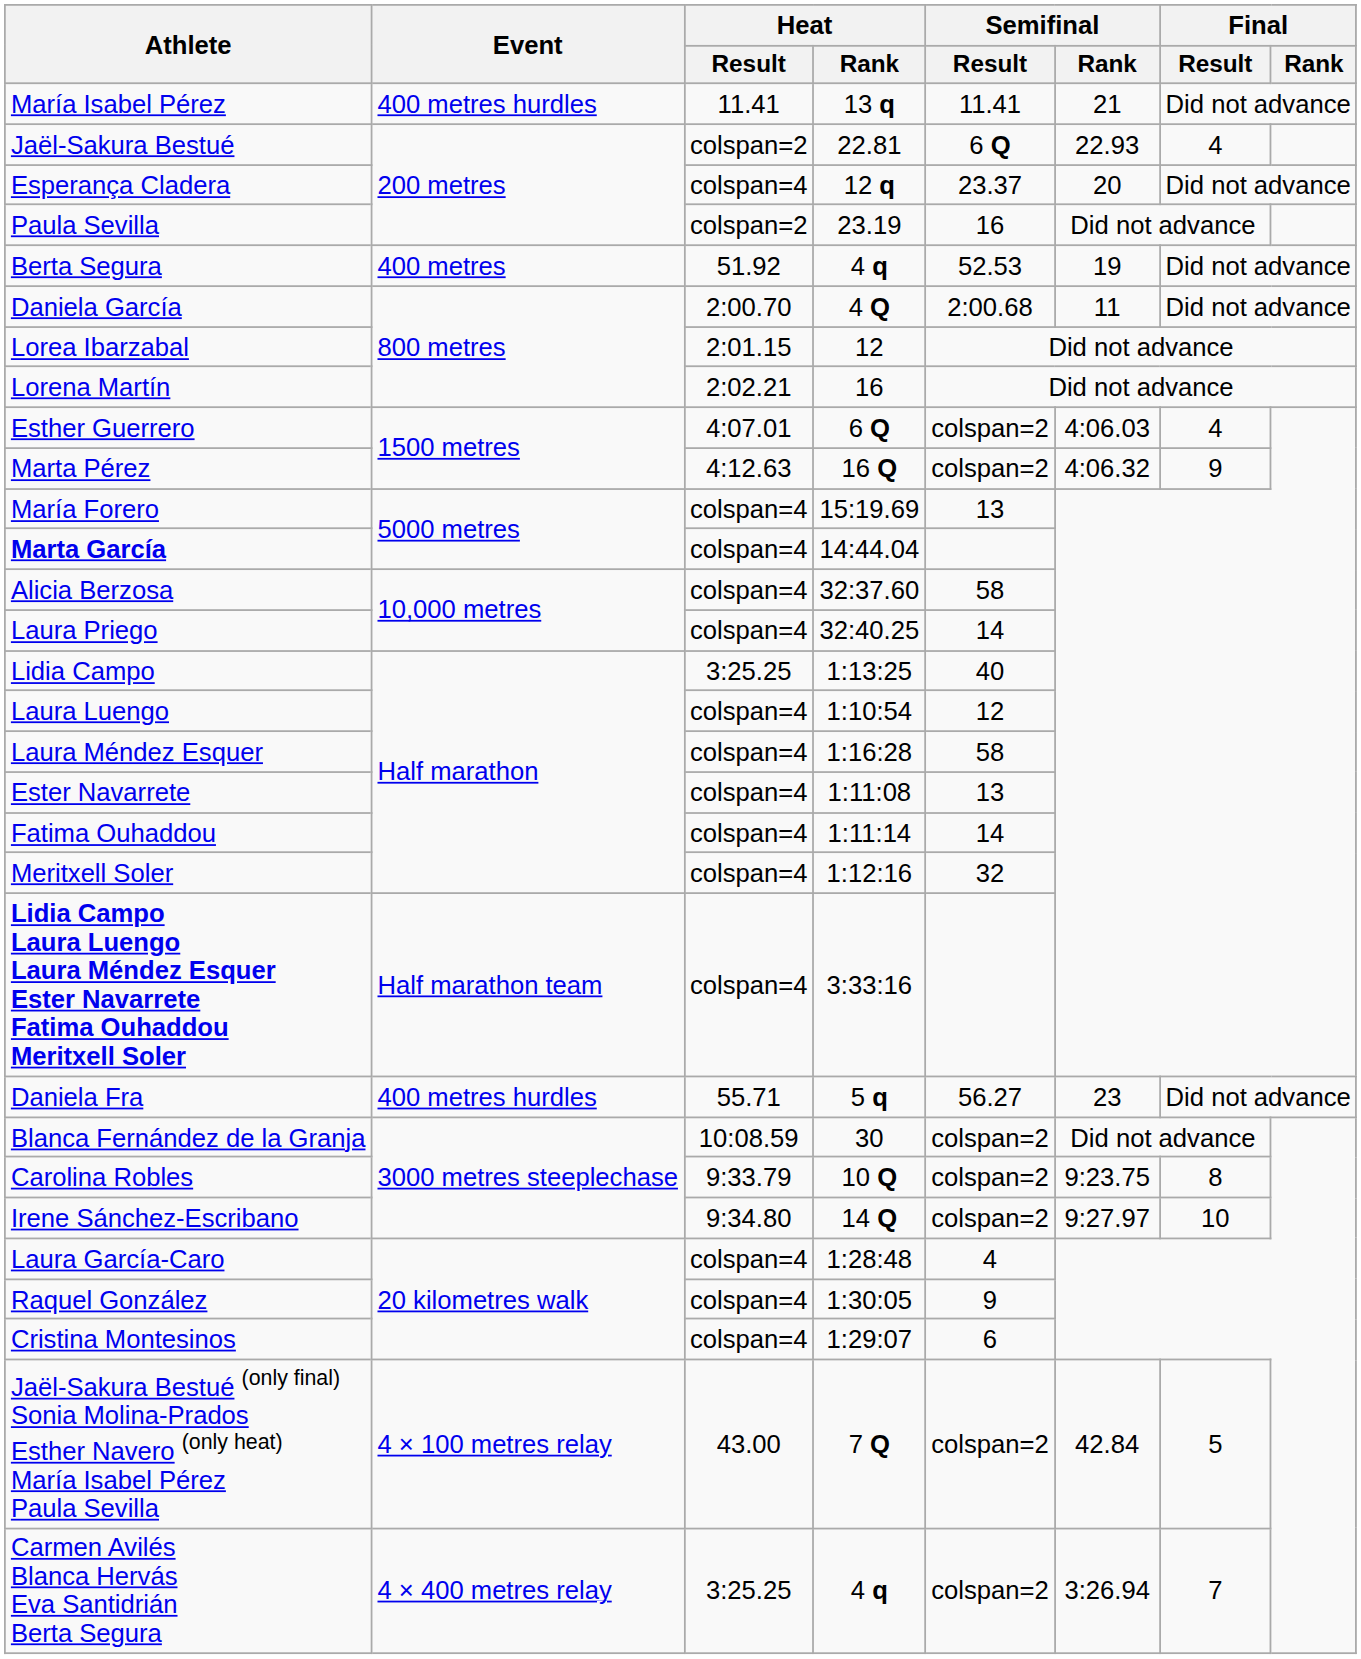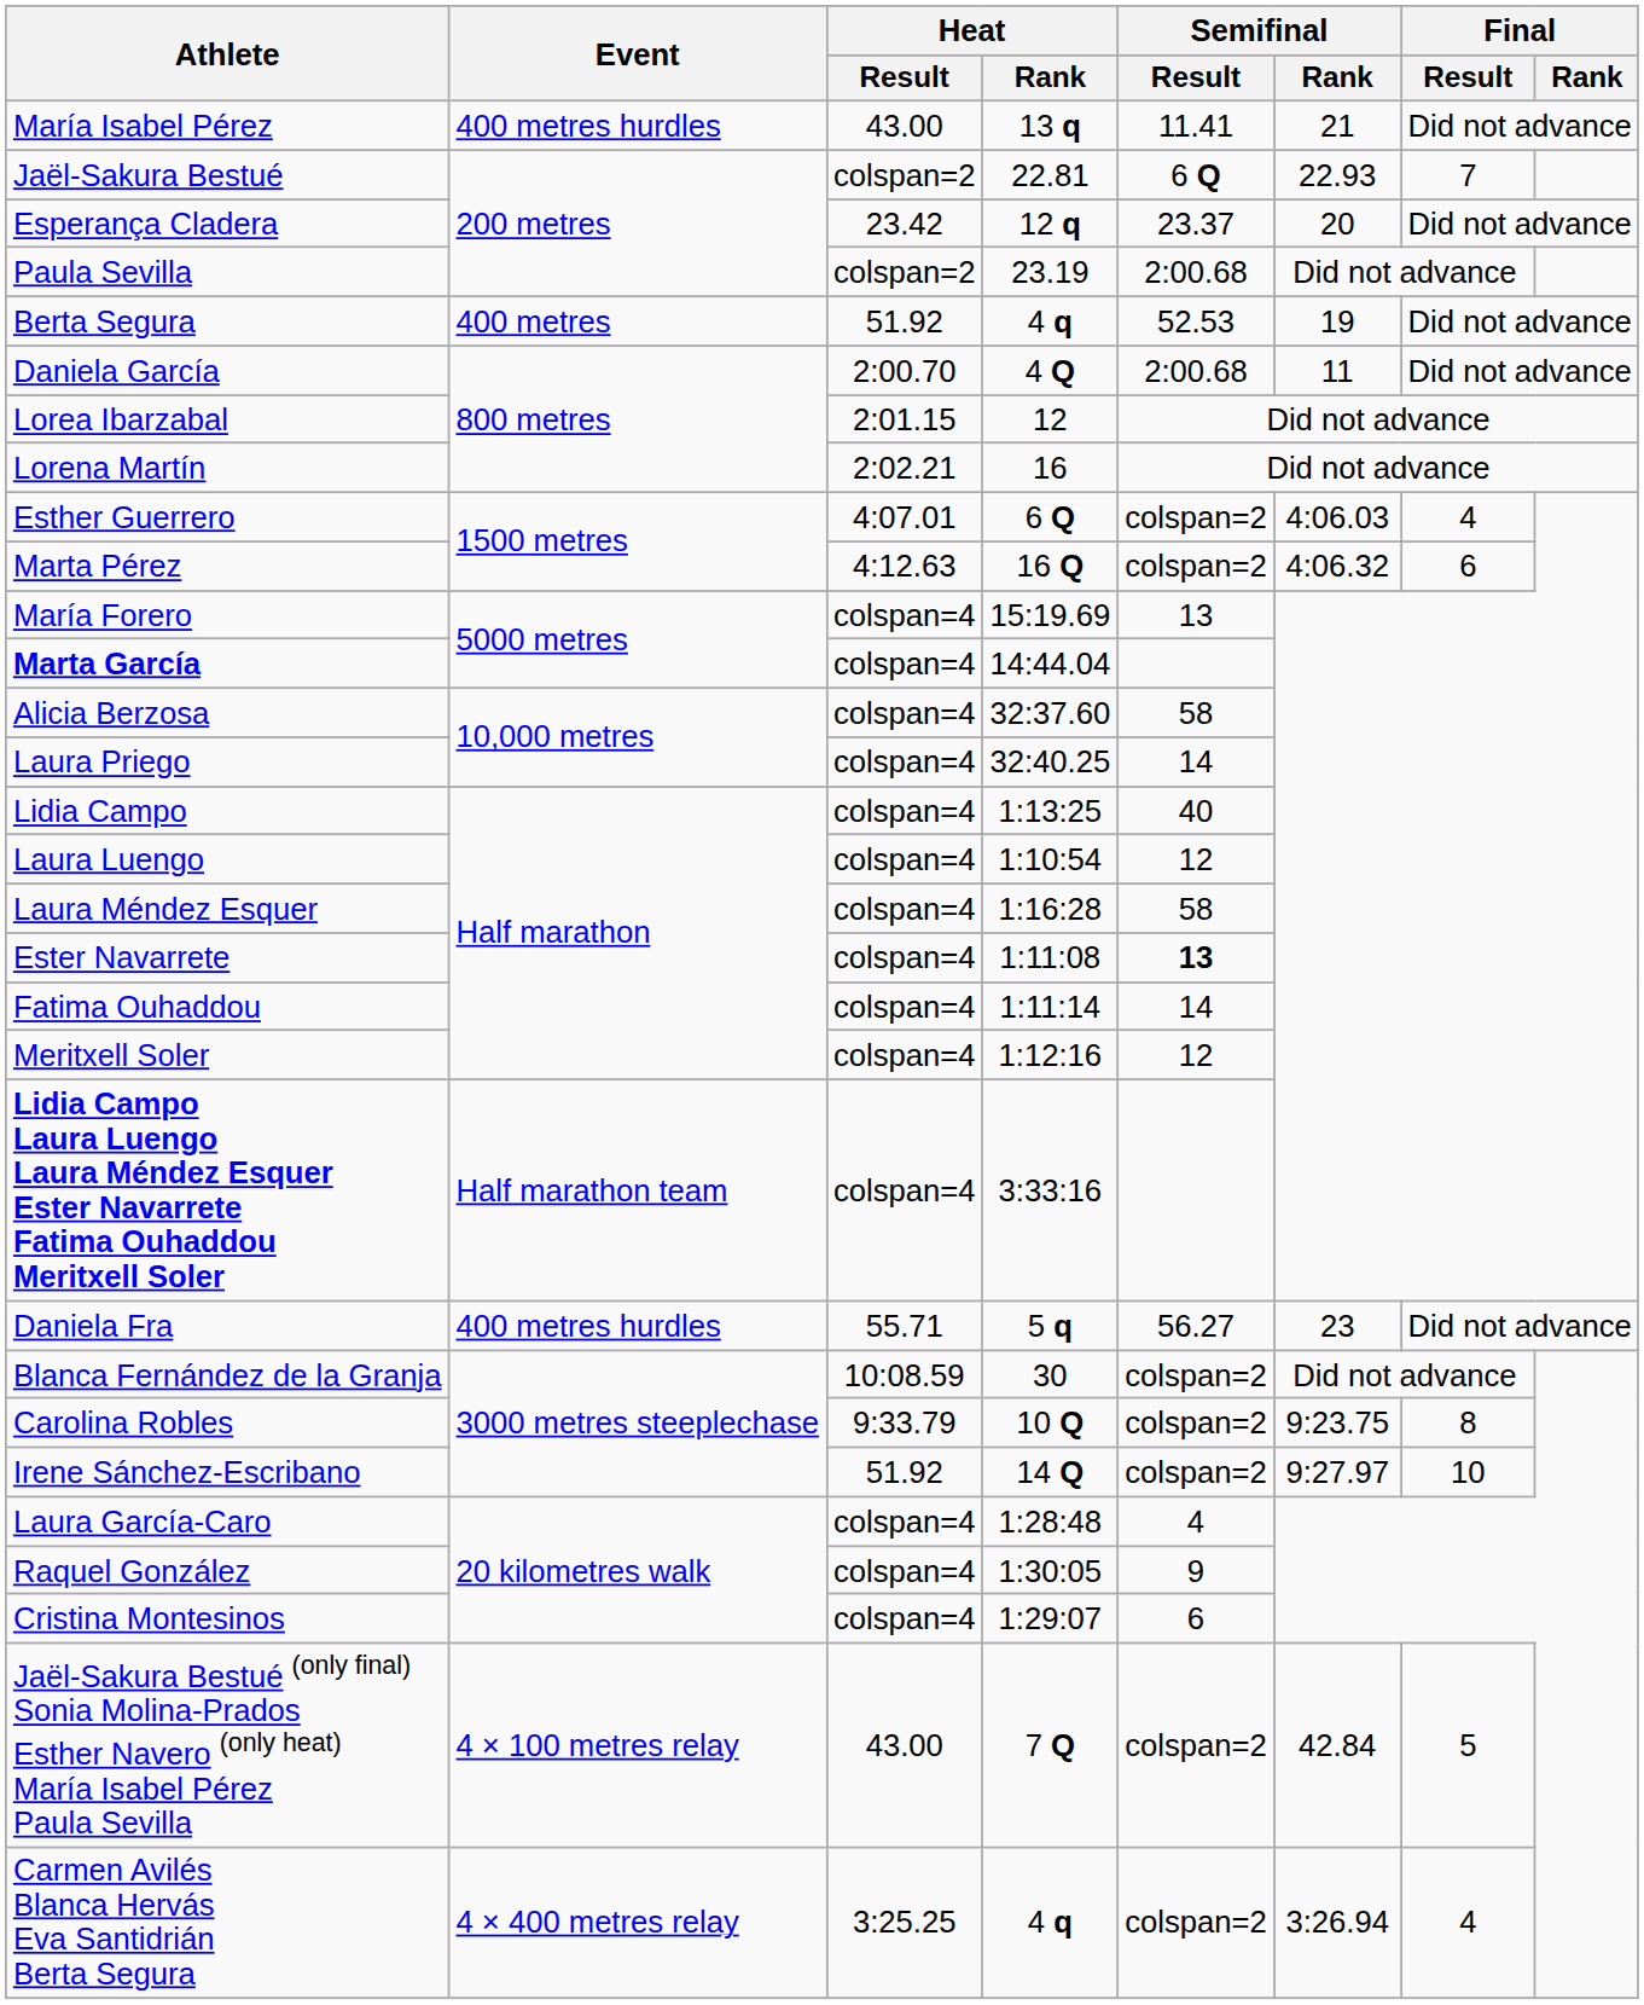 <table class=wikitable style=font-size:90%>
 <tr>
 <th rowspan=2>Athlete</th>
 <th rowspan=2>Event</th>
 <th colspan=2>Heat</th>
 <th colspan=2>Semifinal</th>
 <th colspan=2>Final</th>
 </tr>
 <tr style=font-size:95%>
 <th>Result</th>
 <th>Rank</th>
 <th>Result</th>
 <th>Rank</th>
 <th>Result</th>
 <th>Rank</th>
 </tr>
 <tr align=center>
 <td align=left><a href='#'>María Isabel Pérez</a></td>
 <td align=left><a href='#'>400 metres hurdles</a></td>
-<td>11.41</td>
+<td>43.00</td>
 <td>13 <strong>q</strong></td>
 <td>11.41</td>
 <td>21</td>
 <td colspan=2>Did not advance</td>
 </tr>
 <tr align=center>
 <td align=left><a href='#'>Jaël-Sakura Bestué</a></td>
 <td align=left rowspan=3><a href='#'>200 metres</a></td>
 <td>colspan=2 </td>
 <td>22.81 </td>
 <td>6 <strong>Q</strong></td>
 <td>22.93</td>
-<td>4</td>
+<td>7</td>
 </tr>
 <tr align=center>
 <td align=left><a href='#'>Esperança Cladera</a></td>
-<td>colspan=4</td>
+<td>23.42</td>
 <td>12 <strong>q</strong></td>
 <td>23.37</td>
 <td>20</td>
 <td colspan=2>Did not advance</td>
 </tr>
 <tr align=center>
 <td align=left><a href='#'>Paula Sevilla</a></td>
 <td>colspan=2 </td>
 <td>23.19</td>
-<td>16</td>
+<td>2:00.68</td>
 <td colspan=2>Did not advance</td>
 </tr>
 <tr align=center>
 <td align=left><a href='#'>Berta Segura</a></td>
 <td align=left><a href='#'>400 metres</a></td>
 <td>51.92 </td>
 <td>4 <strong>q</strong></td>
 <td>52.53</td>
 <td>19</td>
 <td colspan=2>Did not advance</td>
 </tr>
 <tr align=center>
 <td align=left><a href='#'>Daniela García</a></td>
 <td align=left rowspan=3><a href='#'>800 metres</a></td>
 <td>2:00.70</td>
 <td>4 <strong>Q</strong></td>
 <td>2:00.68</td>
 <td>11</td>
 <td colspan=2>Did not advance</td>
 </tr>
 <tr align=center>
 <td align=left><a href='#'>Lorea Ibarzabal</a></td>
 <td>2:01.15</td>
 <td>12</td>
 <td colspan=4>Did not advance</td>
 </tr>
 <tr align=center>
 <td align=left><a href='#'>Lorena Martín</a></td>
 <td>2:02.21</td>
 <td>16</td>
 <td colspan=4>Did not advance</td>
 </tr>
 <tr align=center>
 <td align=left><a href='#'>Esther Guerrero</a></td>
 <td align=left rowspan=2><a href='#'>1500 metres</a></td>
 <td>4:07.01</td>
 <td>6 <strong>Q</strong></td>
 <td>colspan=2</td>
 <td>4:06.03</td>
 <td>4</td>
 </tr>
 <tr align=center>
 <td align=left><a href='#'>Marta Pérez</a></td>
 <td>4:12.63</td>
 <td>16 <strong>Q</strong></td>
 <td>colspan=2</td>
 <td>4:06.32</td>
-<td>9</td>
+<td>6</td>
 </tr>
 <tr align=center>
 <td align=left><a href='#'>María Forero</a></td>
 <td align=left rowspan=2><a href='#'>5000 metres</a></td>
 <td>colspan=4</td>
 <td>15:19.69 </td>
 <td>13</td>
 </tr>
 <tr align=center>
 <td align=left><strong><a href='#'>Marta García</a></strong></td>
 <td>colspan=4</td>
 <td>14:44.04 </td>
 <td></td>
 </tr>
 <tr align=center>
 <td align=left><a href='#'>Alicia Berzosa</a></td>
 <td align=left rowspan=2><a href='#'>10,000 metres</a></td>
 <td>colspan=4</td>
 <td>32:37.60 </td>
 <td>58</td>
 </tr>
 <tr align=center>
 <td align=left><a href='#'>Laura Priego</a></td>
 <td>colspan=4</td>
 <td>32:40.25 </td>
 <td>14</td>
 </tr>
 <tr align=center>
 <td align=left><a href='#'>Lidia Campo</a></td>
 <td align=left rowspan=6><a href='#'>Half marathon</a></td>
-<td>3:25.25 </td>
+<td>colspan=4</td>
 <td>1:13:25</td>
 <td>40</td>
 </tr>
 <tr align=center>
 <td align=left><a href='#'>Laura Luengo</a></td>
 <td>colspan=4</td>
 <td>1:10:54</td>
 <td>12</td>
 </tr>
 <tr align=center>
 <td align=left><a href='#'>Laura Méndez Esquer</a></td>
 <td>colspan=4</td>
 <td>1:16:28</td>
 <td>58</td>
 </tr>
 <tr align=center>
 <td align=left><a href='#'>Ester Navarrete</a></td>
 <td>colspan=4</td>
 <td>1:11:08</td>
-<td>13</td>
+<td><strong>13</strong></td>
 </tr>
 <tr align=center>
 <td align=left><a href='#'>Fatima Ouhaddou</a></td>
 <td>colspan=4</td>
 <td>1:11:14</td>
 <td>14</td>
 </tr>
 <tr align=center>
 <td align=left><a href='#'>Meritxell Soler</a></td>
 <td>colspan=4</td>
 <td>1:12:16</td>
-<td>32</td>
+<td>12</td>
 </tr>
 <tr align=center>
 <td align=left><strong><a href='#'>Lidia Campo</a><br><a href='#'>Laura Luengo</a><br><a href='#'>Laura Méndez Esquer</a><br><a href='#'>Ester Navarrete</a><br><a href='#'>Fatima Ouhaddou</a><br><a href='#'>Meritxell Soler</a></strong></td>
 <td align=left><a href='#'>Half marathon team</a></td>
 <td>colspan=4</td>
 <td>3:33:16</td>
 <td></td>
 </tr>
 <tr align=center>
 <td align=left><a href='#'>Daniela Fra</a></td>
 <td align=left><a href='#'>400 metres hurdles</a></td>
 <td>55.71 </td>
 <td>5 <strong>q</strong></td>
 <td>56.27</td>
 <td>23</td>
 <td colspan=2>Did not advance</td>
 </tr>
 <tr align=center>
 <td align=left><a href='#'>Blanca Fernández de la Granja</a></td>
 <td align=left rowspan=3><a href='#'>3000 metres steeplechase</a></td>
 <td>10:08.59</td>
 <td>30</td>
 <td>colspan=2</td>
 <td colspan=2>Did not advance</td>
 </tr>
 <tr align=center>
 <td align=left><a href='#'>Carolina Robles</a></td>
 <td>9:33.79</td>
 <td>10 <strong>Q</strong></td>
 <td>colspan=2</td>
 <td>9:23.75 </td>
 <td>8</td>
 </tr>
 <tr align=center>
 <td align=left><a href='#'>Irene Sánchez-Escribano</a></td>
-<td>9:34.80</td>
+<td>51.92 </td>
 <td>14 <strong>Q</strong></td>
 <td>colspan=2</td>
 <td>9:27.97</td>
 <td>10</td>
 </tr>
 <tr align=center>
 <td align=left><a href='#'>Laura García-Caro</a></td>
 <td align=left rowspan=3><a href='#'>20 kilometres walk</a></td>
 <td>colspan=4</td>
 <td>1:28:48</td>
 <td>4</td>
 </tr>
 <tr align=center>
 <td align=left><a href='#'>Raquel González</a></td>
 <td>colspan=4</td>
 <td>1:30:05</td>
 <td>9</td>
 </tr>
 <tr align=center>
 <td align=left><a href='#'>Cristina Montesinos</a></td>
 <td>colspan=4</td>
 <td>1:29:07</td>
 <td>6</td>
 </tr>
 <tr align=center>
 <td align=left><a href='#'>Jaël-Sakura Bestué</a> <sup>(only final)</sup><br><a href='#'>Sonia Molina-Prados</a><br><a href='#'>Esther Navero</a> <sup>(only heat)</sup><br><a href='#'>María Isabel Pérez</a><br><a href='#'>Paula Sevilla</a></td>
 <td align=left><a href='#'>4 × 100 metres relay</a></td>
 <td>43.00</td>
 <td>7 <strong>Q</strong></td>
 <td>colspan=2</td>
 <td>42.84 </td>
 <td>5</td>
 </tr>
 <tr align=center>
 <td align=left><a href='#'>Carmen Avilés</a><br><a href='#'>Blanca Hervás</a><br><a href='#'>Eva Santidrián</a><br><a href='#'>Berta Segura</a></td>
 <td align=left><a href='#'>4 × 400 metres relay</a></td>
 <td>3:25.25 </td>
 <td>4 <strong>q</strong></td>
 <td>colspan=2</td>
 <td>3:26.94</td>
-<td>7</td>
+<td>4</td>
 </tr>
 </table>
